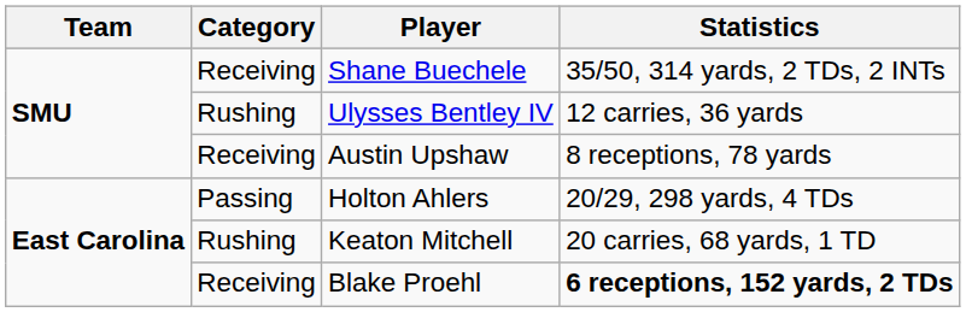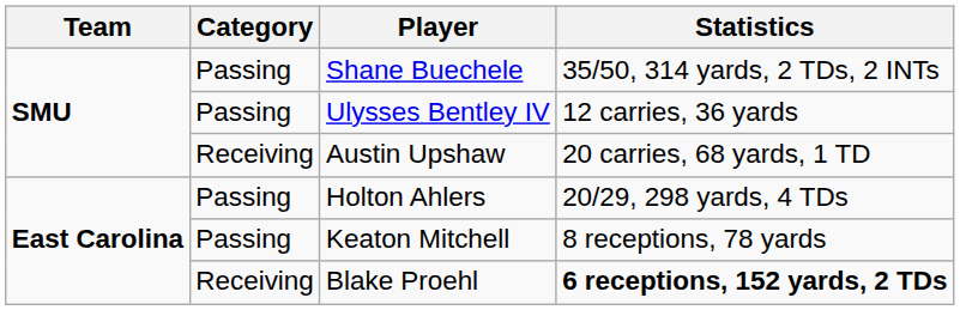 <table class="wikitable" style="float: left;">
 <tr>
 <th>Team</th>
 <th>Category</th>
 <th>Player</th>
 <th>Statistics</th>
 </tr>
 <tr>
 <td rowspan=3><strong>SMU</strong></td>
-<td>Receiving</td>
+<td>Passing</td>
 <td><a href='#'>Shane Buechele</a></td>
 <td>35/50, 314 yards, 2 TDs, 2 INTs</td>
 </tr>
 <tr>
-<td>Rushing</td>
+<td>Passing</td>
 <td><a href='#'>Ulysses Bentley IV</a></td>
 <td>12 carries, 36 yards</td>
 </tr>
 <tr>
 <td>Receiving</td>
 <td>Austin Upshaw</td>
-<td>8 receptions, 78 yards</td>
+<td>20 carries, 68 yards, 1 TD</td>
 </tr>
 <tr>
 <td rowspan=3><strong>East Carolina</strong></td>
 <td>Passing</td>
 <td>Holton Ahlers</td>
 <td>20/29, 298 yards, 4 TDs</td>
 </tr>
 <tr>
-<td>Rushing</td>
+<td>Passing</td>
 <td>Keaton Mitchell</td>
-<td>20 carries, 68 yards, 1 TD</td>
+<td>8 receptions, 78 yards</td>
 </tr>
 <tr>
 <td>Receiving</td>
 <td>Blake Proehl</td>
 <td><strong>6 receptions, 152 yards, 2 TDs</strong></td>
 </tr>
 </table>
